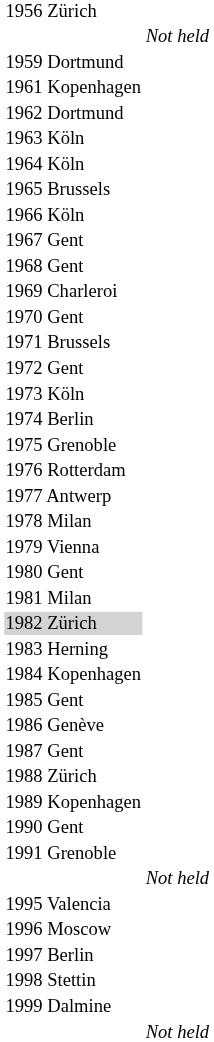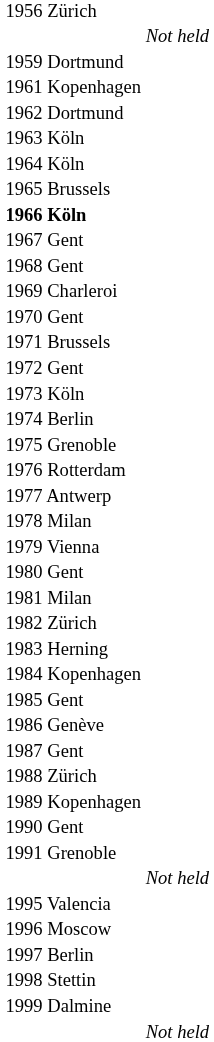 <table>
 <tr>
 <td>1956 Zürich</td>
 <td></td>
 <td></td>
 <td></td>
 </tr>
 <tr>
 <td></td>
 <td colspan="3" align="center"><em>Not held</em></td>
 </tr>
 <tr>
 <td>1959 Dortmund</td>
 <td></td>
 <td></td>
 <td></td>
 </tr>
 <tr>
 <td>1961 Kopenhagen</td>
 <td></td>
 <td></td>
 <td></td>
 </tr>
 <tr>
 <td>1962 Dortmund</td>
 <td></td>
 <td></td>
 <td></td>
 </tr>
 <tr>
 <td>1963 Köln</td>
 <td></td>
 <td></td>
 <td></td>
 </tr>
 <tr>
 <td>1964 Köln</td>
 <td></td>
 <td></td>
 <td></td>
 </tr>
 <tr>
 <td>1965 Brussels</td>
 <td></td>
 <td></td>
 <td></td>
 </tr>
 <tr>
-<td>1966 Köln</td>
+<td><strong>1966 Köln</strong></td>
 <td></td>
 <td></td>
 <td></td>
 </tr>
 <tr>
 <td>1967 Gent</td>
 <td></td>
 <td></td>
 <td></td>
 </tr>
 <tr>
 <td>1968 Gent</td>
 <td></td>
 <td></td>
 <td></td>
 </tr>
 <tr>
 <td>1969 Charleroi</td>
 <td></td>
 <td></td>
 <td></td>
 </tr>
 <tr>
 <td>1970 Gent</td>
 <td></td>
 <td></td>
 <td></td>
 </tr>
 <tr>
 <td>1971 Brussels</td>
 <td></td>
 <td></td>
 <td></td>
 </tr>
 <tr>
 <td>1972 Gent</td>
 <td></td>
 <td></td>
 <td></td>
 </tr>
 <tr>
 <td>1973 Köln</td>
 <td></td>
 <td></td>
 <td></td>
 </tr>
 <tr>
 <td>1974 Berlin</td>
 <td></td>
 <td></td>
 <td></td>
 </tr>
 <tr>
 <td>1975 Grenoble</td>
 <td></td>
 <td></td>
 <td></td>
 </tr>
 <tr>
 <td>1976 Rotterdam</td>
 <td></td>
 <td></td>
 <td></td>
 </tr>
 <tr>
 <td>1977 Antwerp</td>
 <td></td>
 <td></td>
 <td></td>
 </tr>
 <tr>
 <td>1978 Milan</td>
 <td></td>
 <td></td>
 <td></td>
 </tr>
 <tr>
 <td>1979 Vienna</td>
 <td></td>
 <td></td>
 <td></td>
 </tr>
 <tr>
 <td>1980 Gent</td>
 <td></td>
 <td></td>
 <td></td>
 </tr>
 <tr>
 <td>1981 Milan</td>
 <td></td>
 <td></td>
 <td></td>
 </tr>
 <tr>
-<td style="background: lightgrey;">1982 Zürich</td>
+<td>1982 Zürich</td>
 <td></td>
 <td></td>
 <td></td>
 </tr>
 <tr>
 <td>1983 Herning</td>
 <td></td>
 <td></td>
 <td></td>
 </tr>
 <tr>
 <td>1984 Kopenhagen</td>
 <td></td>
 <td></td>
 <td></td>
 </tr>
 <tr>
 <td>1985 Gent</td>
 <td></td>
 <td></td>
 <td></td>
 </tr>
 <tr>
 <td>1986 Genève</td>
 <td></td>
 <td></td>
 <td></td>
 </tr>
 <tr>
 <td>1987 Gent</td>
 <td></td>
 <td></td>
 <td></td>
 </tr>
 <tr>
 <td>1988 Zürich</td>
 <td></td>
 <td></td>
 <td></td>
 </tr>
 <tr>
 <td>1989 Kopenhagen</td>
 <td></td>
 <td></td>
 <td></td>
 </tr>
 <tr>
 <td>1990 Gent</td>
 <td></td>
 <td></td>
 <td></td>
 </tr>
 <tr>
 <td>1991 Grenoble</td>
 <td></td>
 <td></td>
 <td></td>
 </tr>
 <tr>
 <td></td>
 <td colspan="3" align="center"><em>Not held</em></td>
 </tr>
 <tr>
 <td>1995 Valencia</td>
 <td></td>
 <td></td>
 <td></td>
 </tr>
 <tr>
 <td>1996 Moscow</td>
 <td></td>
 <td></td>
 <td></td>
 </tr>
 <tr>
 <td>1997 Berlin</td>
 <td></td>
 <td></td>
 <td></td>
 </tr>
 <tr>
 <td>1998 Stettin</td>
 <td></td>
 <td></td>
 <td></td>
 </tr>
 <tr>
 <td>1999 Dalmine</td>
 <td></td>
 <td></td>
 <td></td>
 </tr>
 <tr>
 <td></td>
 <td colspan="3" align="center"><em>Not held</em></td>
 </tr>
 <tr>
 <td></td>
 <td></td>
 <td></td>
 <td></td>
 </tr>
 <tr>
 <td></td>
 <td></td>
 <td></td>
 <td></td>
 </tr>
 <tr>
 <td></td>
 <td></td>
 <td></td>
 <td></td>
 </tr>
 <tr>
 <td></td>
 <td></td>
 <td></td>
 <td></td>
 </tr>
 <tr>
 <td></td>
 <td></td>
 <td></td>
 <td></td>
 </tr>
 <tr>
 <td></td>
 <td></td>
 <td></td>
 <td></td>
 </tr>
 <tr>
 <td></td>
 <td></td>
 <td></td>
 <td></td>
 </tr>
 <tr>
 <td></td>
 <td></td>
 <td></td>
 <td></td>
 </tr>
 <tr>
 <td></td>
 <td></td>
 <td></td>
 <td></td>
 </tr>
 </table>
